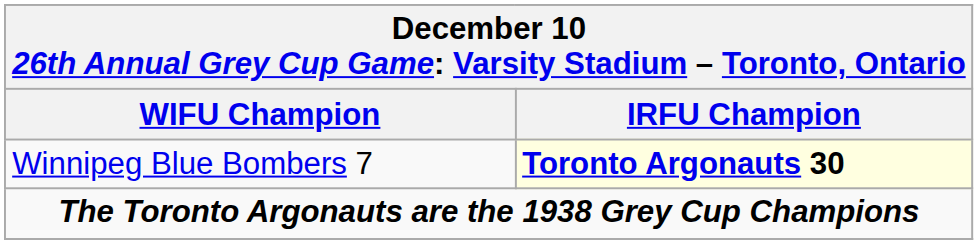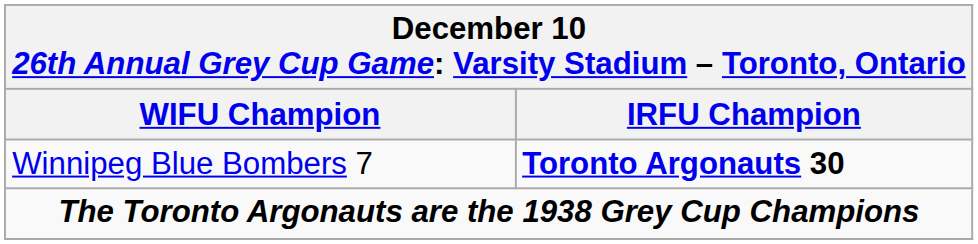 <table class="wikitable">
 <tr>
 <th bgcolor="#DDDDDD" colspan=4>December 10<br><a href='#'><em>26th Annual Grey Cup Game</em></a>: <a href='#'>Varsity Stadium</a> – <a href='#'>Toronto, Ontario</a></th>
 </tr>
 <tr>
 <th><a href='#'>WIFU Champion</a></th>
 <th><a href='#'>IRFU Champion</a></th>
 </tr>
 <tr>
 <td><a href='#'>Winnipeg Blue Bombers</a> 7</td>
-<td style="background: lightyellow;"><strong><a href='#'>Toronto Argonauts</a> 30</strong></td>
+<td><strong><a href='#'>Toronto Argonauts</a> 30</strong></td>
 </tr>
 <tr>
 <td align="center" colspan=4><strong><em>The Toronto Argonauts are the 1938 Grey Cup Champions</em></strong></td>
 </tr>
 <tr>
 </tr>
 </table>
